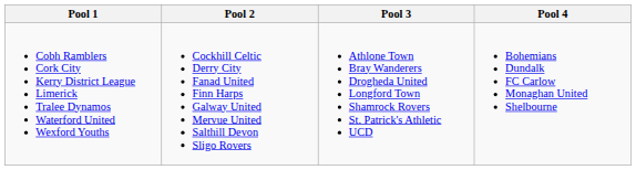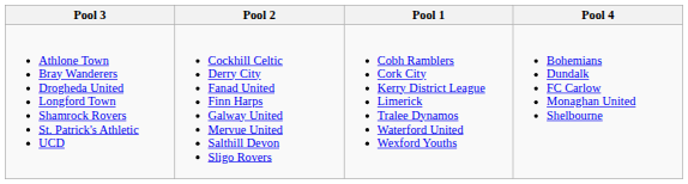 <table class="wikitable" width=100%>
 <tr>
+<th width=16%>Pool 3</th>
+<th width=16%>Pool 2</th>
 <th width=16%>Pool 1</th>
-<th width=16%>Pool 2</th>
-<th width=16%>Pool 3</th>
 <th width=16%>Pool 4</th>
 </tr>
 <tr valign=top>
+<td><br><ul><li><a href='#'>Athlone Town</a></li><li><a href='#'>Bray Wanderers</a></li><li><a href='#'>Drogheda United</a></li><li><a href='#'>Longford Town</a></li><li><a href='#'>Shamrock Rovers</a></li><li><a href='#'>St. Patrick's Athletic</a></li><li><a href='#'>UCD</a></li></ul></td>
+<td><br><ul><li><a href='#'>Cockhill Celtic</a></li><li><a href='#'>Derry City</a></li><li><a href='#'>Fanad United</a></li><li><a href='#'>Finn Harps</a></li><li><a href='#'>Galway United</a></li><li><a href='#'>Mervue United</a></li><li><a href='#'>Salthill Devon</a></li><li><a href='#'>Sligo Rovers</a></li></ul></td>
 <td><br><ul><li><a href='#'>Cobh Ramblers</a></li><li><a href='#'>Cork City</a></li><li><a href='#'>Kerry District League</a></li><li><a href='#'>Limerick</a></li><li><a href='#'>Tralee Dynamos</a></li><li><a href='#'>Waterford United</a></li><li><a href='#'>Wexford Youths</a></li></ul></td>
-<td><br><ul><li><a href='#'>Cockhill Celtic</a></li><li><a href='#'>Derry City</a></li><li><a href='#'>Fanad United</a></li><li><a href='#'>Finn Harps</a></li><li><a href='#'>Galway United</a></li><li><a href='#'>Mervue United</a></li><li><a href='#'>Salthill Devon</a></li><li><a href='#'>Sligo Rovers</a></li></ul></td>
-<td><br><ul><li><a href='#'>Athlone Town</a></li><li><a href='#'>Bray Wanderers</a></li><li><a href='#'>Drogheda United</a></li><li><a href='#'>Longford Town</a></li><li><a href='#'>Shamrock Rovers</a></li><li><a href='#'>St. Patrick's Athletic</a></li><li><a href='#'>UCD</a></li></ul></td>
 <td><br><ul><li><a href='#'>Bohemians</a></li><li><a href='#'>Dundalk</a></li><li><a href='#'>FC Carlow</a></li><li><a href='#'>Monaghan United</a></li><li><a href='#'>Shelbourne</a></li></ul></td>
 </tr>
 </table>
